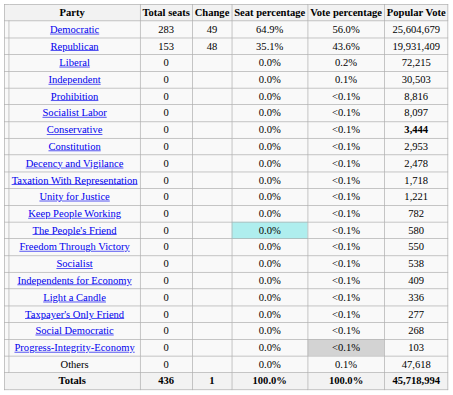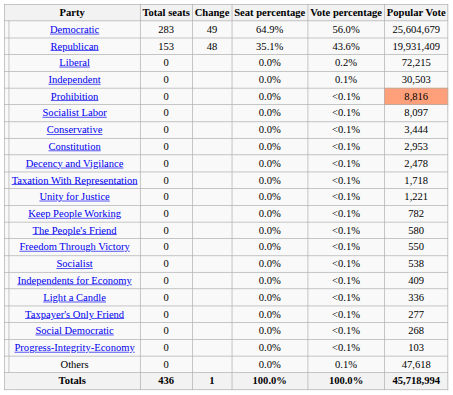 <table class=wikitable style="text-align:center">
 <tr>
 <th colspan=2>Party</th>
 <th>Total seats</th>
 <th>Change</th>
 <th>Seat percentage</th>
 <th>Vote percentage</th>
 <th>Popular Vote</th>
 </tr>
 <tr>
 <td></td>
 <td><a href='#'>Democratic</a></td>
 <td>283</td>
 <td> 49</td>
 <td>64.9%</td>
 <td>56.0%</td>
 <td>25,604,679</td>
 </tr>
 <tr>
 <td></td>
 <td><a href='#'>Republican</a></td>
 <td>153</td>
 <td> 48</td>
 <td>35.1%</td>
 <td>43.6%</td>
 <td>19,931,409</td>
 </tr>
 <tr>
 <td></td>
 <td><a href='#'>Liberal</a></td>
 <td>0</td>
 <td></td>
 <td>0.0%</td>
 <td>0.2%</td>
 <td>72,215</td>
 </tr>
 <tr>
 <td></td>
 <td><a href='#'>Independent</a></td>
 <td>0</td>
 <td></td>
 <td>0.0%</td>
 <td>0.1%</td>
 <td>30,503</td>
 </tr>
 <tr>
 <td></td>
 <td><a href='#'>Prohibition</a></td>
 <td>0</td>
 <td></td>
 <td>0.0%</td>
 <td><0.1%</td>
-<td>8,816</td>
+<td style="background: lightsalmon;">8,816</td>
 </tr>
 <tr>
 <td></td>
 <td><a href='#'>Socialist Labor</a></td>
 <td>0</td>
 <td></td>
 <td>0.0%</td>
 <td><0.1%</td>
 <td>8,097</td>
 </tr>
 <tr>
 <td></td>
 <td><a href='#'>Conservative</a></td>
 <td>0</td>
 <td></td>
 <td>0.0%</td>
 <td><0.1%</td>
-<td><strong>3,444</strong></td>
+<td>3,444</td>
 </tr>
 <tr>
 <td></td>
 <td><a href='#'>Constitution</a></td>
 <td>0</td>
 <td></td>
 <td>0.0%</td>
 <td><0.1%</td>
 <td>2,953</td>
 </tr>
 <tr>
 <td></td>
 <td><a href='#'>Decency and Vigilance</a></td>
 <td>0</td>
 <td></td>
 <td>0.0%</td>
 <td><0.1%</td>
 <td>2,478</td>
 </tr>
 <tr>
 <td></td>
 <td><a href='#'>Taxation With Representation</a></td>
 <td>0</td>
 <td></td>
 <td>0.0%</td>
 <td><0.1%</td>
 <td>1,718</td>
 </tr>
 <tr>
 <td></td>
 <td><a href='#'>Unity for Justice</a></td>
 <td>0</td>
 <td></td>
 <td>0.0%</td>
 <td><0.1%</td>
 <td>1,221</td>
 </tr>
 <tr>
 <td></td>
 <td><a href='#'>Keep People Working</a></td>
 <td>0</td>
 <td></td>
 <td>0.0%</td>
 <td><0.1%</td>
 <td>782</td>
 </tr>
 <tr>
 <td></td>
 <td><a href='#'>The People's Friend</a></td>
 <td>0</td>
 <td></td>
-<td style="background: paleturquoise;">0.0%</td>
+<td>0.0%</td>
 <td><0.1%</td>
 <td>580</td>
 </tr>
 <tr>
 <td></td>
 <td><a href='#'>Freedom Through Victory</a></td>
 <td>0</td>
 <td></td>
 <td>0.0%</td>
 <td><0.1%</td>
 <td>550</td>
 </tr>
 <tr>
 <td></td>
 <td><a href='#'>Socialist</a></td>
 <td>0</td>
 <td></td>
 <td>0.0%</td>
 <td><0.1%</td>
 <td>538</td>
 </tr>
 <tr>
 <td></td>
 <td><a href='#'>Independents for Economy</a></td>
 <td>0</td>
 <td></td>
 <td>0.0%</td>
 <td><0.1%</td>
 <td>409</td>
 </tr>
 <tr>
 <td></td>
 <td><a href='#'>Light a Candle</a></td>
 <td>0</td>
 <td></td>
 <td>0.0%</td>
 <td><0.1%</td>
 <td>336</td>
 </tr>
 <tr>
 <td></td>
 <td><a href='#'>Taxpayer's Only Friend</a></td>
 <td>0</td>
 <td></td>
 <td>0.0%</td>
 <td><0.1%</td>
 <td>277</td>
 </tr>
 <tr>
 <td></td>
 <td><a href='#'>Social Democratic</a></td>
 <td>0</td>
 <td></td>
 <td>0.0%</td>
 <td><0.1%</td>
 <td>268</td>
 </tr>
 <tr>
 <td></td>
 <td><a href='#'>Progress-Integrity-Economy</a></td>
 <td>0</td>
 <td></td>
 <td>0.0%</td>
-<td style="background: lightgrey;"><0.1%</td>
+<td><0.1%</td>
 <td>103</td>
 </tr>
 <tr>
 <td></td>
 <td>Others</td>
 <td>0</td>
 <td></td>
 <td>0.0%</td>
 <td>0.1%</td>
 <td>47,618</td>
 </tr>
 <tr>
 <th colspan=2>Totals</th>
 <th>436</th>
 <th> 1</th>
 <th>100.0%</th>
 <th>100.0%</th>
 <th>45,718,994</th>
 </tr>
 </table>
